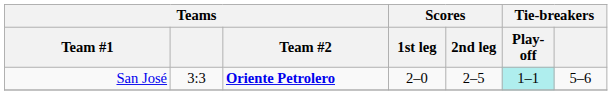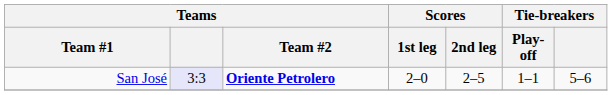 <table class="wikitable" style="text-align: center;">
 <tr>
 <th colspan=3>Teams</th>
 <th colspan=2>Scores</th>
 <th colspan=2>Tie-breakers</th>
 </tr>
 <tr>
 <th width="175">Team #1</th>
 <th width="50"></th>
 <th width="175">Team #2</th>
 <th width="55">1st leg</th>
 <th width="55">2nd leg</th>
 <th width="50">Play-off</th>
 <th width="50"></th>
 </tr>
 <tr>
 <td style="text-align:right"><a href='#'>San José</a></td>
-<td>3:3</td>
+<td style="background: lavender;">3:3</td>
 <td style="text-align:left"><strong><a href='#'>Oriente Petrolero</a></strong></td>
 <td>2–0</td>
 <td>2–5</td>
-<td style="background: paleturquoise;">1–1</td>
+<td>1–1</td>
 <td>5–6</td>
 </tr>
 <tr>
 </tr>
 </table>
